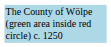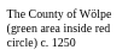 <table cellpadding="2" cellspacing="1" style="float: right; width: 150px; font-size: 90%; margin-right: 1em;">
 <tr>
 <th><br></th>
 </tr>
 <tr style="text-align: left;">
-<td style="background: lightblue;">The County of Wölpe (green area inside red circle) c. 1250</td>
+<td>The County of Wölpe (green area inside red circle) c. 1250</td>
 </tr>
 </table>
